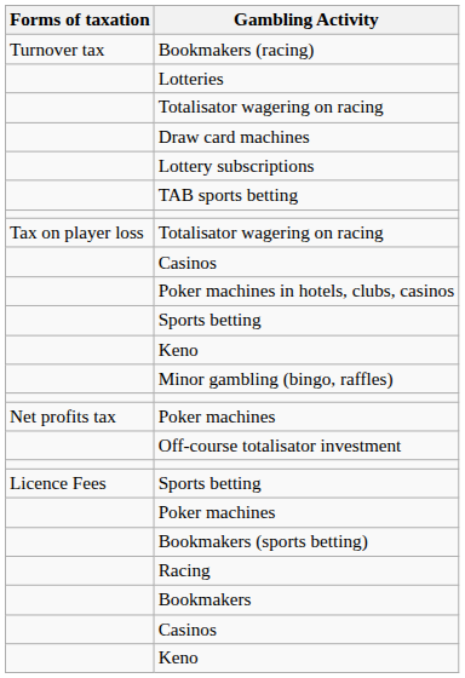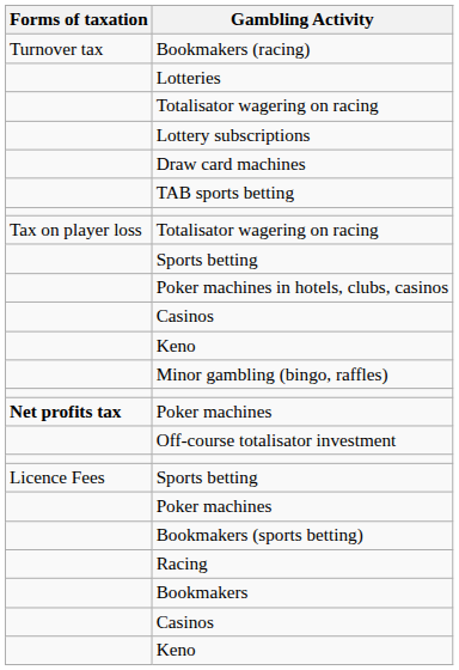 <table class="wikitable">
 <tr>
 </tr>
 <tr>
 <th>Forms of taxation</th>
 <th>Gambling Activity</th>
 </tr>
 <tr>
 <td>Turnover tax</td>
 <td>Bookmakers (racing)</td>
 </tr>
 <tr>
 <td></td>
 <td>Lotteries</td>
 </tr>
 <tr>
 <td></td>
 <td>Totalisator wagering on racing</td>
 </tr>
 <tr>
 <td></td>
-<td>Draw card machines</td>
+<td>Lottery subscriptions</td>
 </tr>
 <tr>
 <td></td>
-<td>Lottery subscriptions</td>
+<td>Draw card machines</td>
 </tr>
 <tr>
 <td></td>
 <td>TAB sports betting</td>
 </tr>
 <tr>
 <td></td>
 <td></td>
 </tr>
 <tr>
 <td>Tax on player loss</td>
 <td>Totalisator wagering on racing</td>
 </tr>
 <tr>
 <td></td>
-<td>Casinos</td>
+<td>Sports betting</td>
 </tr>
 <tr>
 <td></td>
 <td>Poker machines in hotels, clubs, casinos</td>
 </tr>
 <tr>
 <td></td>
-<td>Sports betting</td>
+<td>Casinos</td>
 </tr>
 <tr>
 <td></td>
 <td>Keno</td>
 </tr>
 <tr>
 <td></td>
 <td>Minor gambling (bingo, raffles)</td>
 </tr>
 <tr>
 <td></td>
 <td></td>
 </tr>
 <tr>
-<td>Net profits tax</td>
+<td><strong>Net profits tax</strong></td>
 <td>Poker machines</td>
 </tr>
 <tr>
 <td></td>
 <td>Off-course totalisator investment</td>
 </tr>
 <tr>
 <td></td>
 <td></td>
 </tr>
 <tr>
 <td>Licence Fees</td>
 <td>Sports betting</td>
 </tr>
 <tr>
 <td></td>
 <td>Poker machines</td>
 </tr>
 <tr>
 <td></td>
 <td>Bookmakers (sports betting)</td>
 </tr>
 <tr>
 <td></td>
 <td>Racing</td>
 </tr>
 <tr>
 <td></td>
 <td>Bookmakers</td>
 </tr>
 <tr>
 <td></td>
 <td>Casinos</td>
 </tr>
 <tr>
 <td></td>
 <td>Keno</td>
 </tr>
 </table>
